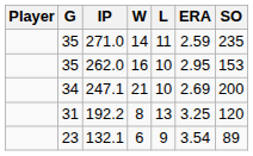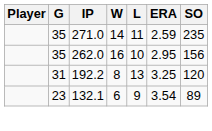 <table class="wikitable sortable">
 <tr>
 <th>Player</th>
 <th>G</th>
 <th>IP</th>
 <th>W</th>
 <th>L</th>
 <th>ERA</th>
 <th>SO</th>
 </tr>
 <tr align="center">
 <td></td>
 <td>35</td>
 <td>271.0</td>
 <td>14</td>
 <td>11</td>
 <td>2.59</td>
 <td>235</td>
 </tr>
 <tr align="center">
 <td></td>
 <td>35</td>
 <td>262.0</td>
 <td>16</td>
 <td>10</td>
 <td>2.95</td>
-<td>153</td>
-</tr>
-<tr align="center">
-<td></td>
-<td>34</td>
-<td>247.1</td>
-<td>21</td>
-<td>10</td>
-<td>2.69</td>
-<td>200</td>
+<td>156</td>
 </tr>
 <tr align="center">
 <td></td>
 <td>31</td>
 <td>192.2</td>
 <td>8</td>
 <td>13</td>
 <td>3.25</td>
 <td>120</td>
 </tr>
 <tr align="center">
 <td></td>
 <td>23</td>
 <td>132.1</td>
 <td>6</td>
 <td>9</td>
 <td>3.54</td>
 <td>89</td>
 </tr>
 </table>
